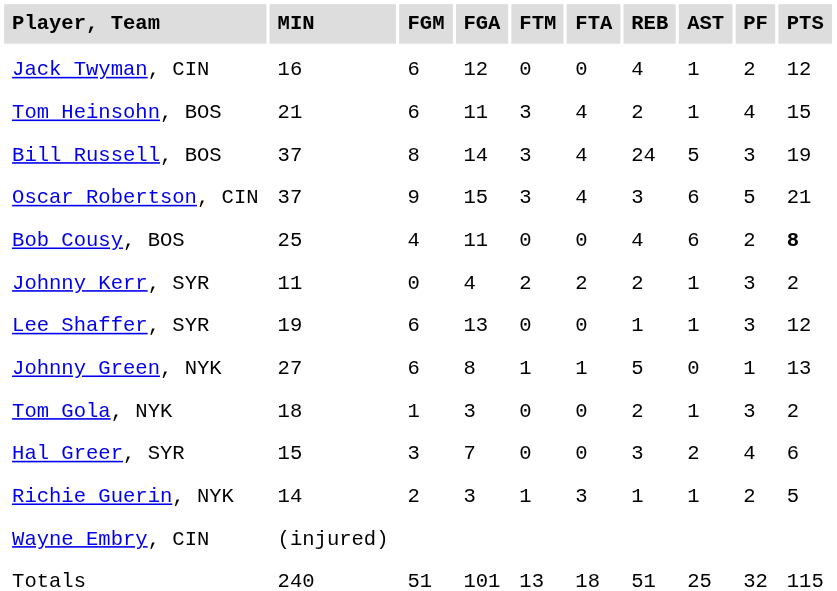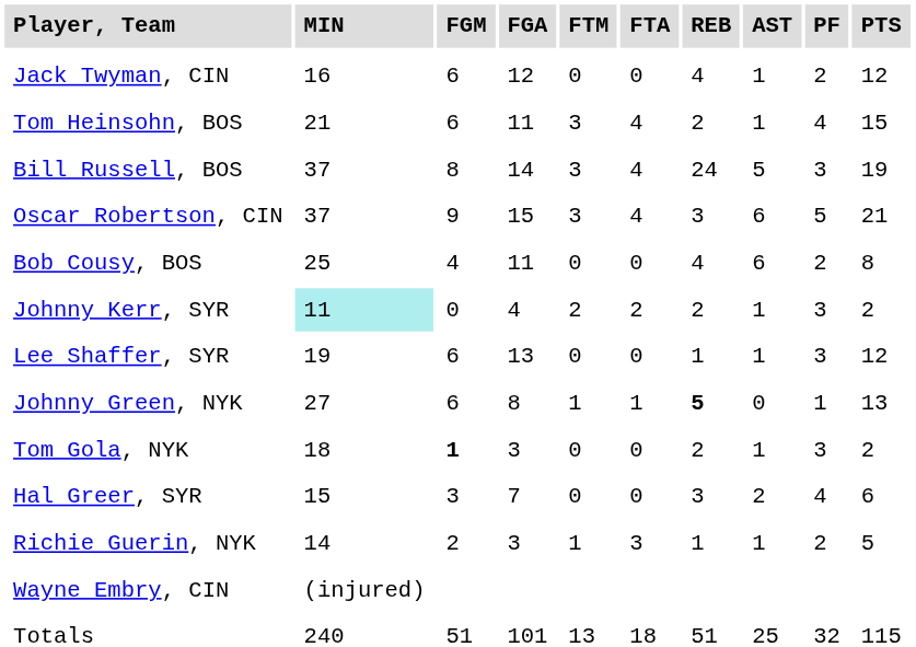 <table cellpadding=5>
 <tr bgcolor="#dddddd">
 <td><strong>Player, Team</strong></td>
 <td><strong>MIN</strong></td>
 <td><strong>FGM</strong></td>
 <td><strong>FGA</strong></td>
 <td><strong>FTM</strong></td>
 <td><strong>FTA</strong></td>
 <td><strong>REB</strong></td>
 <td><strong>AST</strong></td>
 <td><strong>PF</strong></td>
 <td><strong>PTS</strong></td>
 </tr>
 <tr bgcolor="#eeeeee">
 </tr>
 <tr>
 <td><a href='#'>Jack Twyman</a>, CIN</td>
 <td>16</td>
 <td>6</td>
 <td>12</td>
 <td>0</td>
 <td>0</td>
 <td>4</td>
 <td>1</td>
 <td>2</td>
 <td>12</td>
 </tr>
 <tr>
 <td><a href='#'>Tom Heinsohn</a>, BOS</td>
 <td>21</td>
 <td>6</td>
 <td>11</td>
 <td>3</td>
 <td>4</td>
 <td>2</td>
 <td>1</td>
 <td>4</td>
 <td>15</td>
 </tr>
 <tr>
 <td><a href='#'>Bill Russell</a>, BOS</td>
 <td>37</td>
 <td>8</td>
 <td>14</td>
 <td>3</td>
 <td>4</td>
 <td>24</td>
 <td>5</td>
 <td>3</td>
 <td>19</td>
 </tr>
 <tr>
 <td><a href='#'>Oscar Robertson</a>, CIN</td>
 <td>37</td>
 <td>9</td>
 <td>15</td>
 <td>3</td>
 <td>4</td>
 <td>3</td>
 <td>6</td>
 <td>5</td>
 <td>21</td>
 </tr>
 <tr>
 <td><a href='#'>Bob Cousy</a>, BOS</td>
 <td>25</td>
 <td>4</td>
 <td>11</td>
 <td>0</td>
 <td>0</td>
 <td>4</td>
 <td>6</td>
 <td>2</td>
-<td><strong>8</strong></td>
+<td>8</td>
 </tr>
 <tr>
 <td><a href='#'>Johnny Kerr</a>, SYR</td>
-<td>11</td>
+<td style="background: paleturquoise;">11</td>
 <td>0</td>
 <td>4</td>
 <td>2</td>
 <td>2</td>
 <td>2</td>
 <td>1</td>
 <td>3</td>
 <td>2</td>
 </tr>
 <tr>
 <td><a href='#'>Lee Shaffer</a>, SYR</td>
 <td>19</td>
 <td>6</td>
 <td>13</td>
 <td>0</td>
 <td>0</td>
 <td>1</td>
 <td>1</td>
 <td>3</td>
 <td>12</td>
 </tr>
 <tr>
 <td><a href='#'>Johnny Green</a>, NYK</td>
 <td>27</td>
 <td>6</td>
 <td>8</td>
 <td>1</td>
 <td>1</td>
-<td>5</td>
+<td><strong>5</strong></td>
 <td>0</td>
 <td>1</td>
 <td>13</td>
 </tr>
 <tr>
 <td><a href='#'>Tom Gola</a>, NYK</td>
 <td>18</td>
-<td>1</td>
+<td><strong>1</strong></td>
 <td>3</td>
 <td>0</td>
 <td>0</td>
 <td>2</td>
 <td>1</td>
 <td>3</td>
 <td>2</td>
 </tr>
 <tr>
 <td><a href='#'>Hal Greer</a>, SYR</td>
 <td>15</td>
 <td>3</td>
 <td>7</td>
 <td>0</td>
 <td>0</td>
 <td>3</td>
 <td>2</td>
 <td>4</td>
 <td>6</td>
 </tr>
 <tr>
 <td><a href='#'>Richie Guerin</a>, NYK</td>
 <td>14</td>
 <td>2</td>
 <td>3</td>
 <td>1</td>
 <td>3</td>
 <td>1</td>
 <td>1</td>
 <td>2</td>
 <td>5</td>
 </tr>
 <tr>
 <td><a href='#'>Wayne Embry</a>, CIN</td>
 <td>(injured)</td>
 </tr>
 <tr>
 <td>Totals</td>
 <td>240</td>
 <td>51</td>
 <td>101</td>
 <td>13</td>
 <td>18</td>
 <td>51</td>
 <td>25</td>
 <td>32</td>
 <td>115</td>
 </tr>
 <tr>
 </tr>
 </table>
